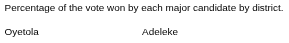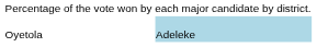 <table align=center>
 <tr>
 <td colspan=2>Percentage of the vote won by each major candidate by district.</td>
 </tr>
 <tr>
 <td><br>Oyetola<br></td>
-<td><br>Adeleke<br> </td>
+<td style="background: lightblue;"><br>Adeleke<br> </td>
 </tr>
 </table>
